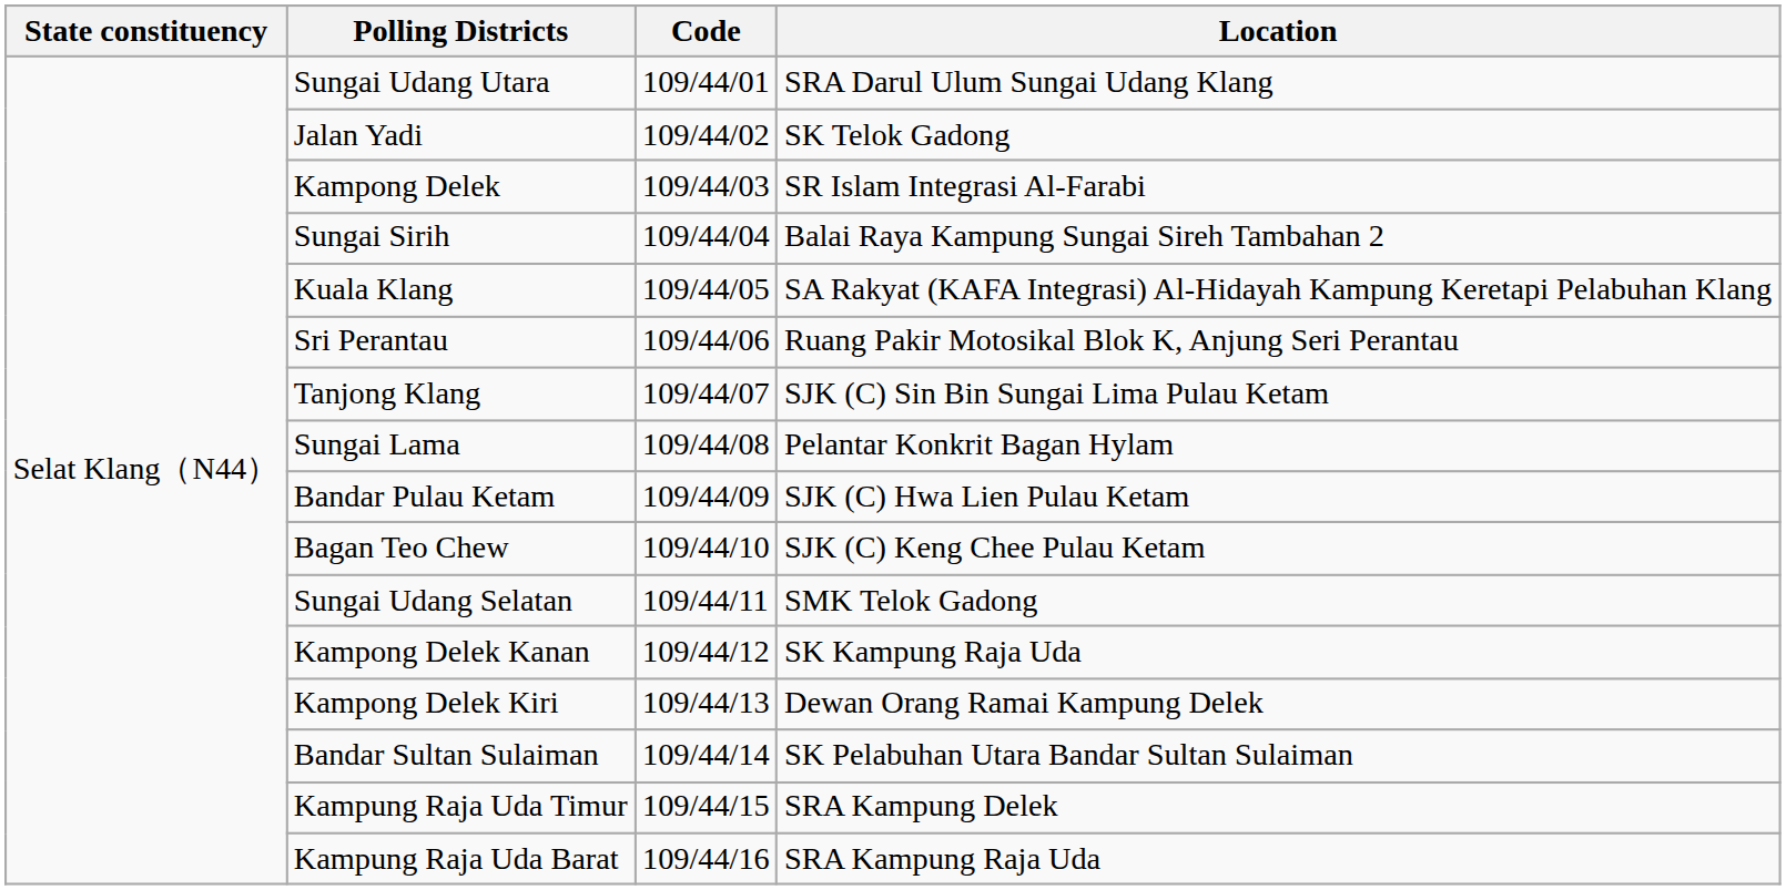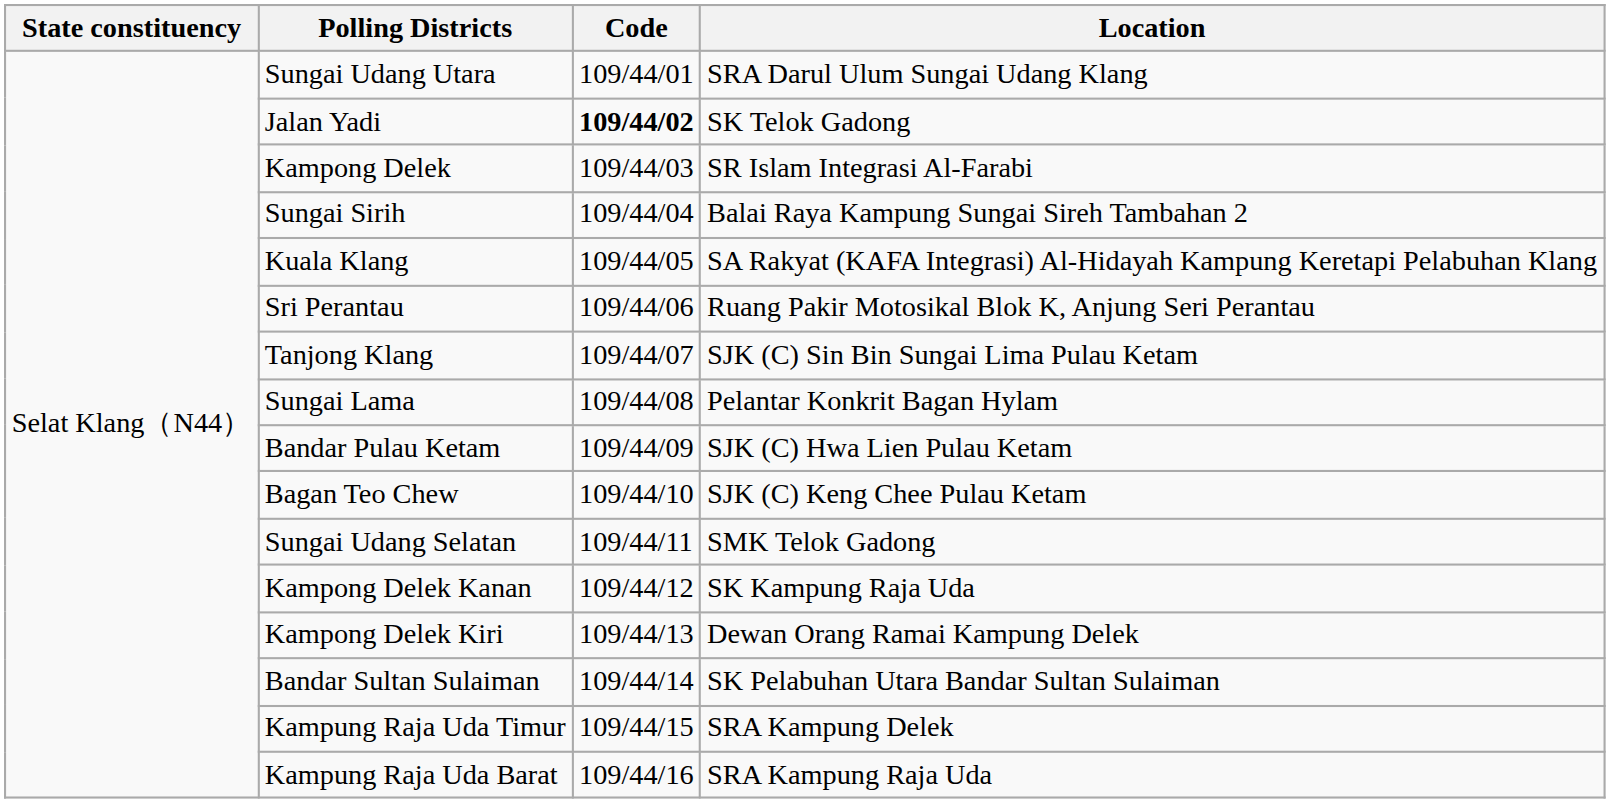 <table class="wikitable sortable mw-collapsible" style="white-space:nowrap;font-size:85%">
 <tr>
 <th>State constituency</th>
 <th>Polling Districts</th>
 <th>Code</th>
 <th>Location</th>
 </tr>
 <tr>
 <td rowspan="16">Selat Klang（N44）</td>
 <td>Sungai Udang Utara</td>
 <td>109/44/01</td>
 <td>SRA Darul Ulum Sungai Udang Klang</td>
 </tr>
 <tr>
 <td>Jalan Yadi</td>
-<td>109/44/02</td>
+<td><strong>109/44/02</strong></td>
 <td>SK Telok Gadong</td>
 </tr>
 <tr>
 <td>Kampong Delek</td>
 <td>109/44/03</td>
 <td>SR Islam Integrasi Al-Farabi</td>
 </tr>
 <tr>
 <td>Sungai Sirih</td>
 <td>109/44/04</td>
 <td>Balai Raya Kampung Sungai Sireh Tambahan 2</td>
 </tr>
 <tr>
 <td>Kuala Klang</td>
 <td>109/44/05</td>
 <td>SA Rakyat (KAFA Integrasi) Al-Hidayah Kampung Keretapi Pelabuhan Klang</td>
 </tr>
 <tr>
 <td>Sri Perantau</td>
 <td>109/44/06</td>
 <td>Ruang Pakir Motosikal Blok K, Anjung Seri Perantau</td>
 </tr>
 <tr>
 <td>Tanjong Klang</td>
 <td>109/44/07</td>
 <td>SJK (C) Sin Bin Sungai Lima Pulau Ketam</td>
 </tr>
 <tr>
 <td>Sungai Lama</td>
 <td>109/44/08</td>
 <td>Pelantar Konkrit Bagan Hylam</td>
 </tr>
 <tr>
 <td>Bandar Pulau Ketam</td>
 <td>109/44/09</td>
 <td>SJK (C) Hwa Lien Pulau Ketam</td>
 </tr>
 <tr>
 <td>Bagan Teo Chew</td>
 <td>109/44/10</td>
 <td>SJK (C) Keng Chee Pulau Ketam</td>
 </tr>
 <tr>
 <td>Sungai Udang Selatan</td>
 <td>109/44/11</td>
 <td>SMK Telok Gadong</td>
 </tr>
 <tr>
 <td>Kampong Delek Kanan</td>
 <td>109/44/12</td>
 <td>SK Kampung Raja Uda</td>
 </tr>
 <tr>
 <td>Kampong Delek Kiri</td>
 <td>109/44/13</td>
 <td>Dewan Orang Ramai Kampung Delek</td>
 </tr>
 <tr>
 <td>Bandar Sultan Sulaiman</td>
 <td>109/44/14</td>
 <td>SK Pelabuhan Utara Bandar Sultan Sulaiman</td>
 </tr>
 <tr>
 <td>Kampung Raja Uda Timur</td>
 <td>109/44/15</td>
 <td>SRA Kampung Delek</td>
 </tr>
 <tr>
 <td>Kampung Raja Uda Barat</td>
 <td>109/44/16</td>
 <td>SRA Kampung Raja Uda</td>
 </tr>
 </table>
